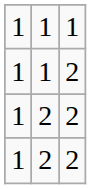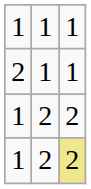 <table class="wikitable">
 <tr>
 <td>1</td>
 <td>1</td>
 <td>1</td>
 </tr>
 <tr>
+<td>2</td>
 <td>1</td>
 <td>1</td>
-<td>2</td>
 </tr>
 <tr>
 <td>1</td>
 <td>2</td>
 <td>2</td>
 </tr>
 <tr>
 <td>1</td>
 <td>2</td>
-<td>2</td>
+<td style="background: khaki;">2</td>
 </tr>
 </table>
